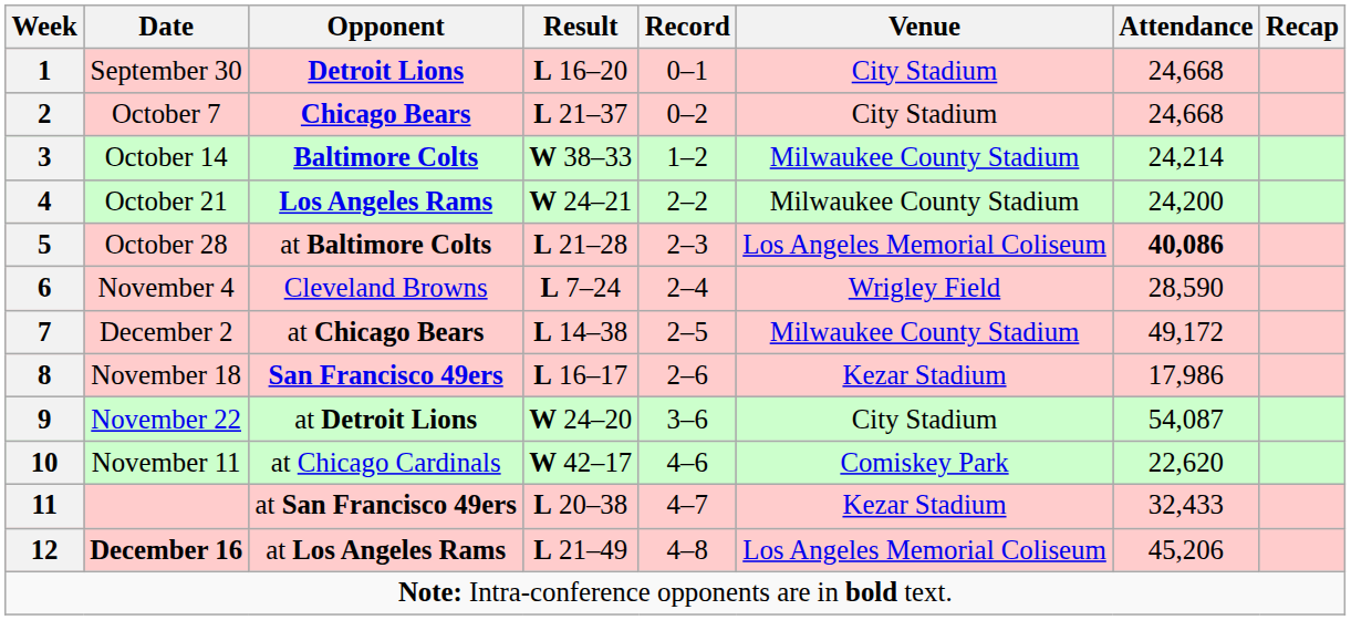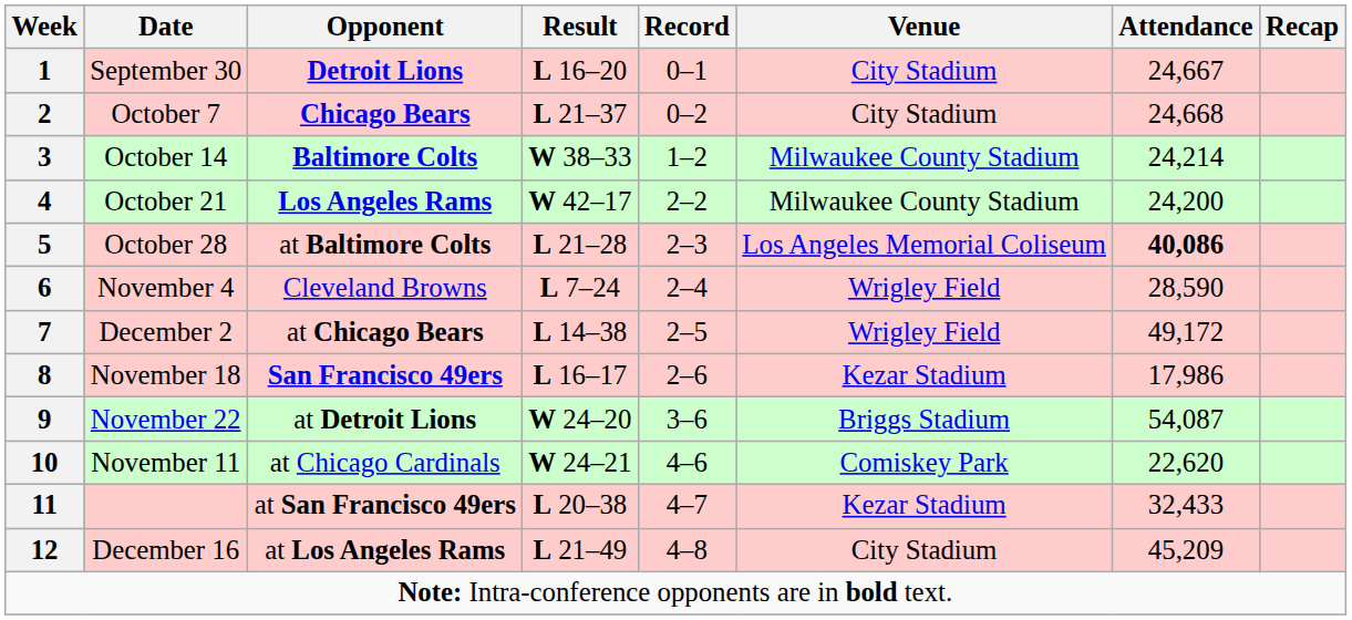 <table class="wikitable" style="text-align:center">
 <tr>
 <th>Week</th>
 <th>Date</th>
 <th>Opponent</th>
 <th>Result</th>
 <th>Record</th>
 <th>Venue</th>
 <th>Attendance</th>
 <th>Recap</th>
 </tr>
 <tr style="background:#fcc">
 <th>1</th>
 <td>September 30</td>
 <td><strong><a href='#'>Detroit Lions</a></strong></td>
 <td><strong>L</strong> 16–20</td>
 <td>0–1</td>
 <td><a href='#'>City Stadium</a></td>
-<td>24,668</td>
+<td>24,667</td>
 <td></td>
 </tr>
 <tr style="background:#fcc">
 <th>2</th>
 <td>October 7</td>
 <td><strong><a href='#'>Chicago Bears</a></strong></td>
 <td><strong>L</strong> 21–37</td>
 <td>0–2</td>
 <td>City Stadium</td>
 <td>24,668</td>
 <td></td>
 </tr>
 <tr style="background:#cfc">
 <th>3</th>
 <td>October 14</td>
 <td><strong><a href='#'>Baltimore Colts</a></strong></td>
 <td><strong>W</strong> 38–33</td>
 <td>1–2</td>
 <td><a href='#'>Milwaukee County Stadium</a></td>
 <td>24,214</td>
 <td></td>
 </tr>
 <tr style="background:#cfc">
 <th>4</th>
 <td>October 21</td>
 <td><strong><a href='#'>Los Angeles Rams</a></strong></td>
-<td><strong>W</strong> 24–21</td>
+<td><strong>W</strong> 42–17</td>
 <td>2–2</td>
 <td>Milwaukee County Stadium</td>
 <td>24,200</td>
 <td></td>
 </tr>
 <tr style="background:#fcc">
 <th>5</th>
 <td>October 28</td>
 <td>at <strong>Baltimore Colts</strong></td>
 <td><strong>L</strong> 21–28</td>
 <td>2–3</td>
 <td><a href='#'>Los Angeles Memorial Coliseum</a></td>
 <td><strong>40,086</strong></td>
 <td></td>
 </tr>
 <tr style="background:#fcc">
 <th>6</th>
 <td>November 4</td>
 <td><a href='#'>Cleveland Browns</a></td>
 <td><strong>L</strong> 7–24</td>
 <td>2–4</td>
 <td><a href='#'>Wrigley Field</a></td>
 <td>28,590</td>
 <td></td>
 </tr>
 <tr style="background:#fcc">
 <th>7</th>
 <td>December 2</td>
 <td>at <strong>Chicago Bears</strong></td>
 <td><strong>L</strong> 14–38</td>
 <td>2–5</td>
-<td><a href='#'>Milwaukee County Stadium</a></td>
+<td><a href='#'>Wrigley Field</a></td>
 <td>49,172</td>
 <td></td>
 </tr>
 <tr style="background:#fcc">
 <th>8</th>
 <td>November 18</td>
 <td><strong><a href='#'>San Francisco 49ers</a></strong></td>
 <td><strong>L</strong> 16–17</td>
 <td>2–6</td>
 <td><a href='#'>Kezar Stadium</a></td>
 <td>17,986</td>
 <td></td>
 </tr>
 <tr style="background:#cfc">
 <th>9</th>
 <td><a href='#'>November 22</a></td>
 <td>at <strong>Detroit Lions</strong></td>
 <td><strong>W</strong> 24–20</td>
 <td>3–6</td>
-<td>City Stadium</td>
+<td><a href='#'>Briggs Stadium</a></td>
 <td>54,087</td>
 <td></td>
 </tr>
 <tr style="background:#cfc">
 <th>10</th>
 <td>November 11</td>
 <td>at <a href='#'>Chicago Cardinals</a></td>
-<td><strong>W</strong> 42–17</td>
+<td><strong>W</strong> 24–21</td>
 <td>4–6</td>
 <td><a href='#'>Comiskey Park</a></td>
 <td>22,620</td>
 <td></td>
 </tr>
 <tr style="background:#fcc">
 <th>11</th>
 <td></td>
 <td>at <strong>San Francisco 49ers</strong></td>
 <td><strong>L</strong> 20–38</td>
 <td>4–7</td>
 <td><a href='#'>Kezar Stadium</a></td>
 <td>32,433</td>
 <td></td>
 </tr>
 <tr style="background:#fcc">
 <th>12</th>
-<td><strong>December 16</strong></td>
+<td>December 16</td>
 <td>at <strong>Los Angeles Rams</strong></td>
 <td><strong>L</strong> 21–49</td>
 <td>4–8</td>
-<td><a href='#'>Los Angeles Memorial Coliseum</a></td>
-<td>45,206</td>
+<td>City Stadium</td>
+<td>45,209</td>
 <td></td>
 </tr>
 <tr>
 <td colspan="8"><strong>Note:</strong> Intra-conference opponents are in <strong>bold</strong> text.</td>
 </tr>
 </table>
